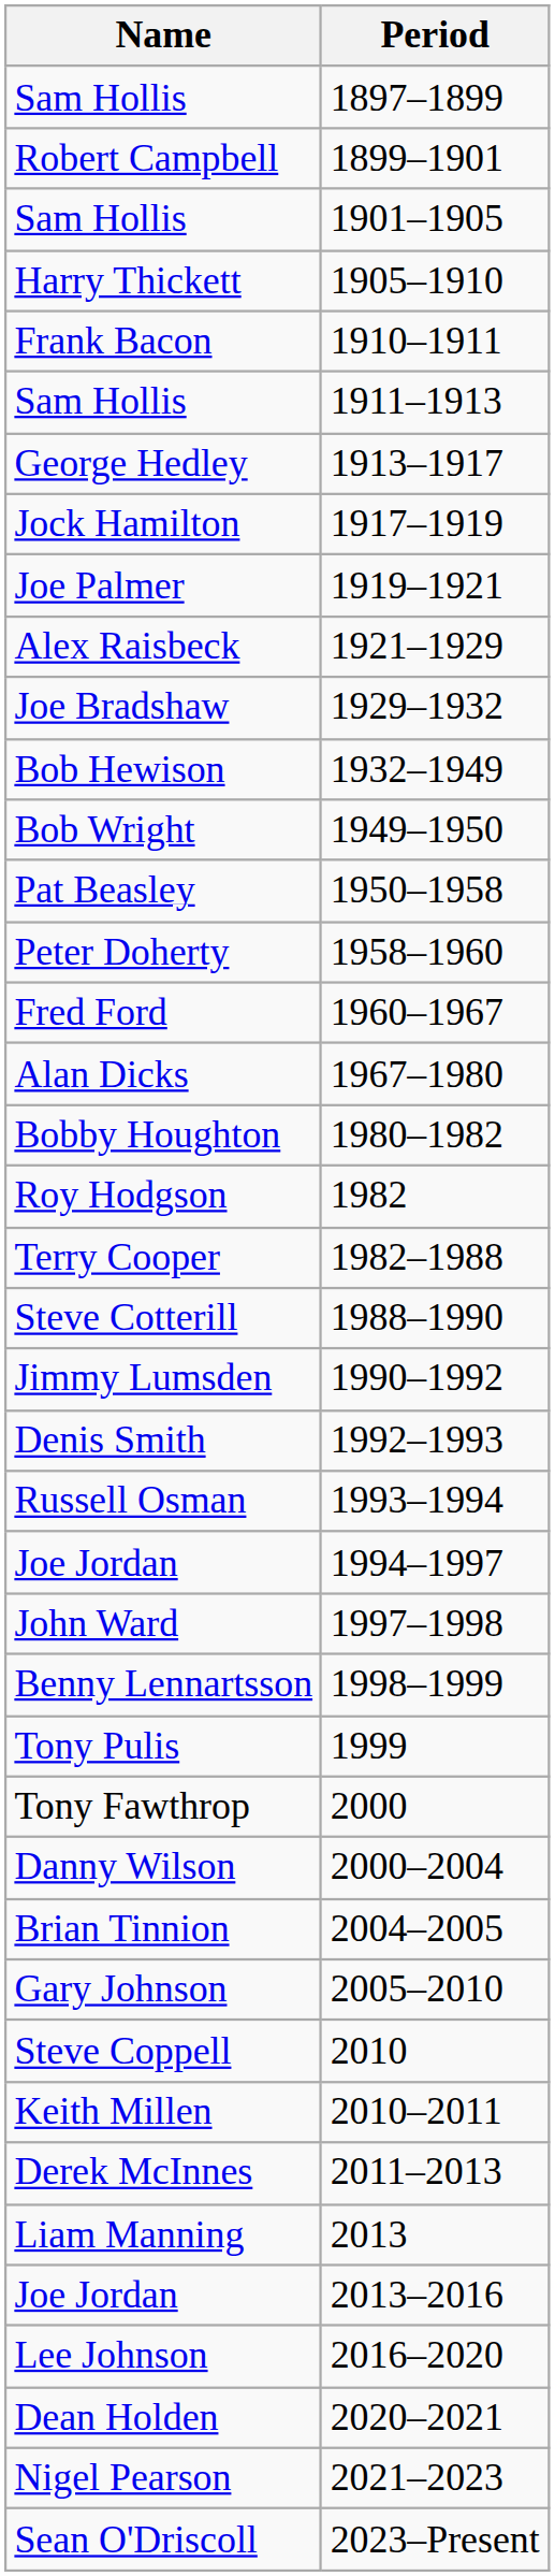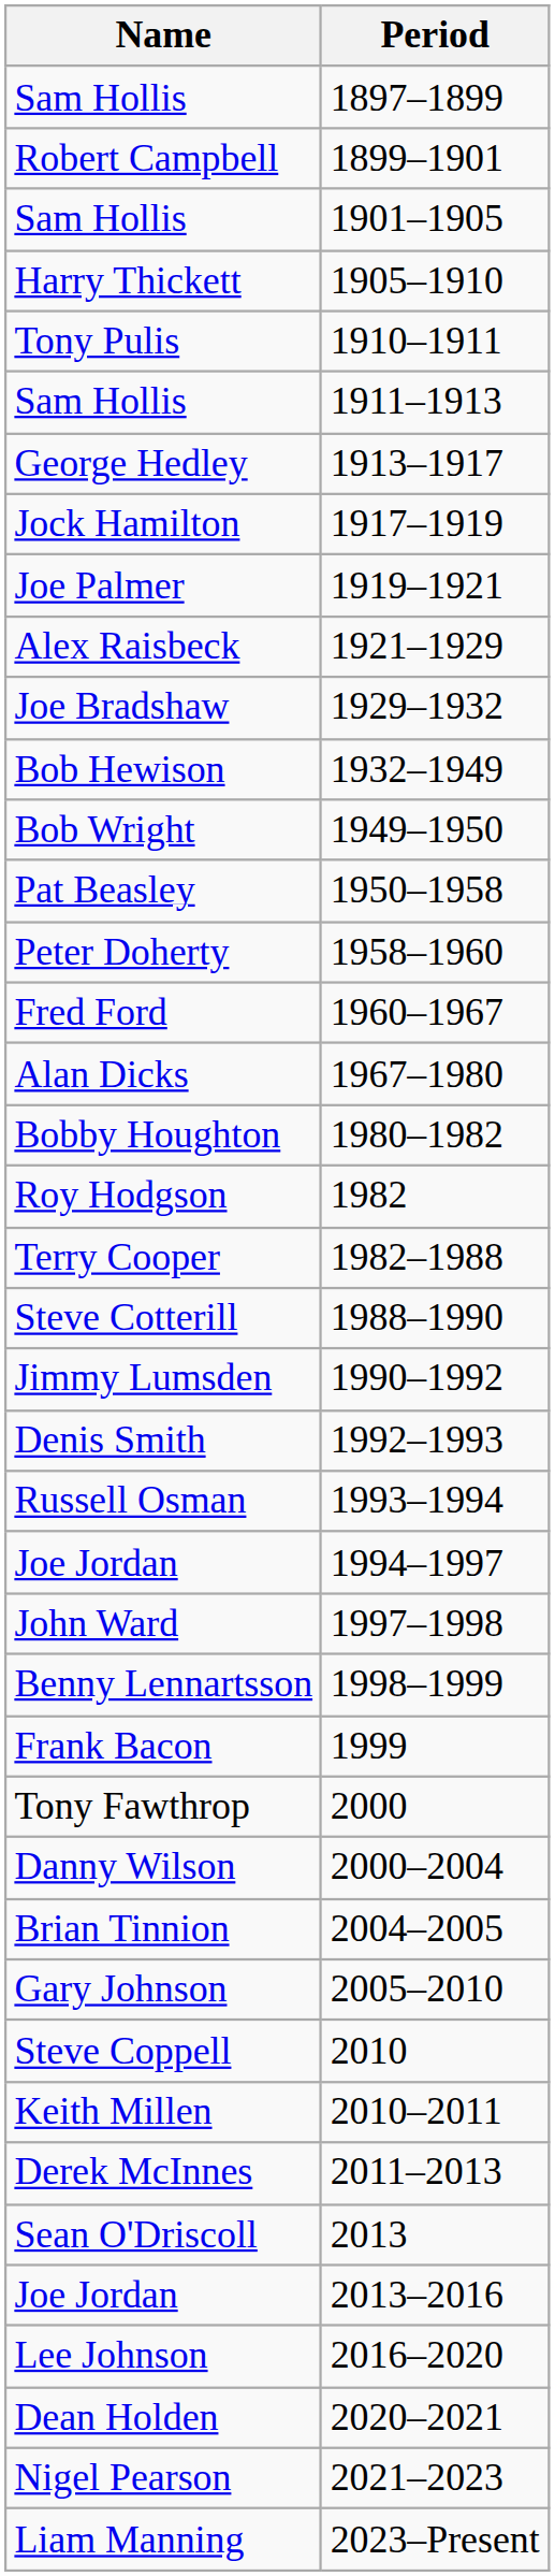 <table class="wikitable">
 <tr>
 <th>Name</th>
 <th>Period</th>
 </tr>
 <tr>
 <td> <a href='#'>Sam Hollis</a></td>
 <td>1897–1899</td>
 </tr>
 <tr>
 <td> <a href='#'>Robert Campbell</a></td>
 <td>1899–1901</td>
 </tr>
 <tr>
 <td> <a href='#'>Sam Hollis</a></td>
 <td>1901–1905</td>
 </tr>
 <tr>
 <td> <a href='#'>Harry Thickett</a></td>
 <td>1905–1910</td>
 </tr>
 <tr>
-<td> <a href='#'>Frank Bacon</a></td>
+<td> <a href='#'>Tony Pulis</a></td>
 <td>1910–1911</td>
 </tr>
 <tr>
 <td> <a href='#'>Sam Hollis</a></td>
 <td>1911–1913</td>
 </tr>
 <tr>
 <td> <a href='#'>George Hedley</a></td>
 <td>1913–1917</td>
 </tr>
 <tr>
 <td> <a href='#'>Jock Hamilton</a></td>
 <td>1917–1919</td>
 </tr>
 <tr>
 <td> <a href='#'>Joe Palmer</a></td>
 <td>1919–1921</td>
 </tr>
 <tr>
 <td> <a href='#'>Alex Raisbeck</a></td>
 <td>1921–1929</td>
 </tr>
 <tr>
 <td> <a href='#'>Joe Bradshaw</a></td>
 <td>1929–1932</td>
 </tr>
 <tr>
 <td> <a href='#'>Bob Hewison</a></td>
 <td>1932–1949</td>
 </tr>
 <tr>
 <td> <a href='#'>Bob Wright</a></td>
 <td>1949–1950</td>
 </tr>
 <tr>
 <td> <a href='#'>Pat Beasley</a></td>
 <td>1950–1958</td>
 </tr>
 <tr>
 <td> <a href='#'>Peter Doherty</a></td>
 <td>1958–1960</td>
 </tr>
 <tr>
 <td> <a href='#'>Fred Ford</a></td>
 <td>1960–1967</td>
 </tr>
 <tr>
 <td> <a href='#'>Alan Dicks</a></td>
 <td>1967–1980</td>
 </tr>
 <tr>
 <td> <a href='#'>Bobby Houghton</a></td>
 <td>1980–1982</td>
 </tr>
 <tr>
 <td> <a href='#'>Roy Hodgson</a></td>
 <td>1982</td>
 </tr>
 <tr>
 <td> <a href='#'>Terry Cooper</a></td>
 <td>1982–1988</td>
 </tr>
 <tr>
 <td> <a href='#'>Steve Cotterill</a></td>
 <td>1988–1990</td>
 </tr>
 <tr>
 <td> <a href='#'>Jimmy Lumsden</a></td>
 <td>1990–1992</td>
 </tr>
 <tr>
 <td> <a href='#'>Denis Smith</a></td>
 <td>1992–1993</td>
 </tr>
 <tr>
 <td> <a href='#'>Russell Osman</a></td>
 <td>1993–1994</td>
 </tr>
 <tr>
 <td> <a href='#'>Joe Jordan</a></td>
 <td>1994–1997</td>
 </tr>
 <tr>
 <td> <a href='#'>John Ward</a></td>
 <td>1997–1998</td>
 </tr>
 <tr>
 <td> <a href='#'>Benny Lennartsson</a></td>
 <td>1998–1999</td>
 </tr>
 <tr>
-<td> <a href='#'>Tony Pulis</a></td>
+<td> <a href='#'>Frank Bacon</a></td>
 <td>1999</td>
 </tr>
 <tr>
 <td> Tony Fawthrop</td>
 <td>2000</td>
 </tr>
 <tr>
 <td> <a href='#'>Danny Wilson</a></td>
 <td>2000–2004</td>
 </tr>
 <tr>
 <td> <a href='#'>Brian Tinnion</a></td>
 <td>2004–2005</td>
 </tr>
 <tr>
 <td> <a href='#'>Gary Johnson</a></td>
 <td>2005–2010</td>
 </tr>
 <tr>
 <td> <a href='#'>Steve Coppell</a></td>
 <td>2010</td>
 </tr>
 <tr>
 <td> <a href='#'>Keith Millen</a></td>
 <td>2010–2011</td>
 </tr>
 <tr>
 <td> <a href='#'>Derek McInnes</a></td>
 <td>2011–2013</td>
 </tr>
 <tr>
-<td> <a href='#'>Liam Manning</a></td>
+<td> <a href='#'>Sean O'Driscoll</a></td>
 <td>2013</td>
 </tr>
 <tr>
 <td> <a href='#'>Joe Jordan</a></td>
 <td>2013–2016</td>
 </tr>
 <tr>
 <td> <a href='#'>Lee Johnson</a></td>
 <td>2016–2020</td>
 </tr>
 <tr>
 <td> <a href='#'>Dean Holden</a></td>
 <td>2020–2021</td>
 </tr>
 <tr>
 <td> <a href='#'>Nigel Pearson</a></td>
 <td>2021–2023</td>
 </tr>
 <tr>
-<td> <a href='#'>Sean O'Driscoll</a></td>
+<td> <a href='#'>Liam Manning</a></td>
 <td>2023–Present</td>
 </tr>
 </table>
